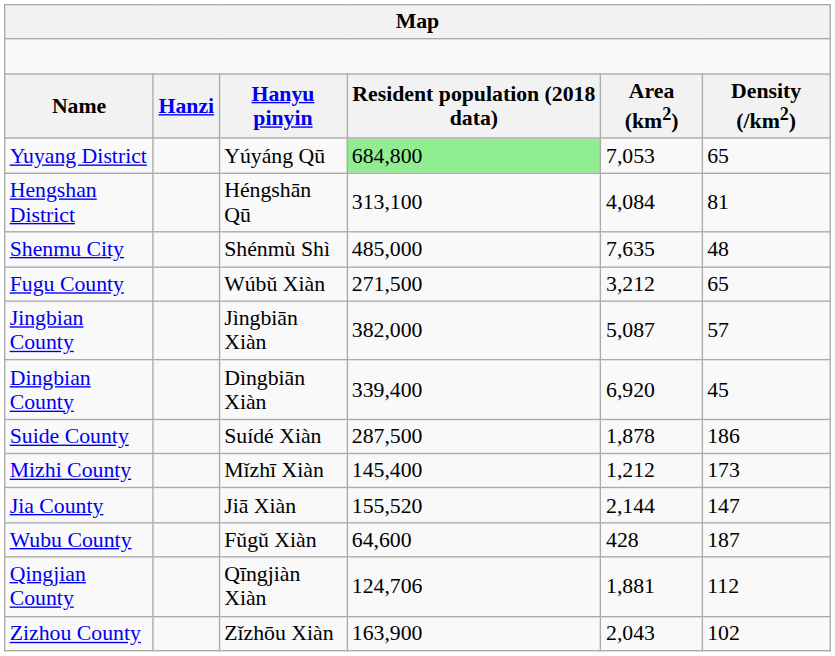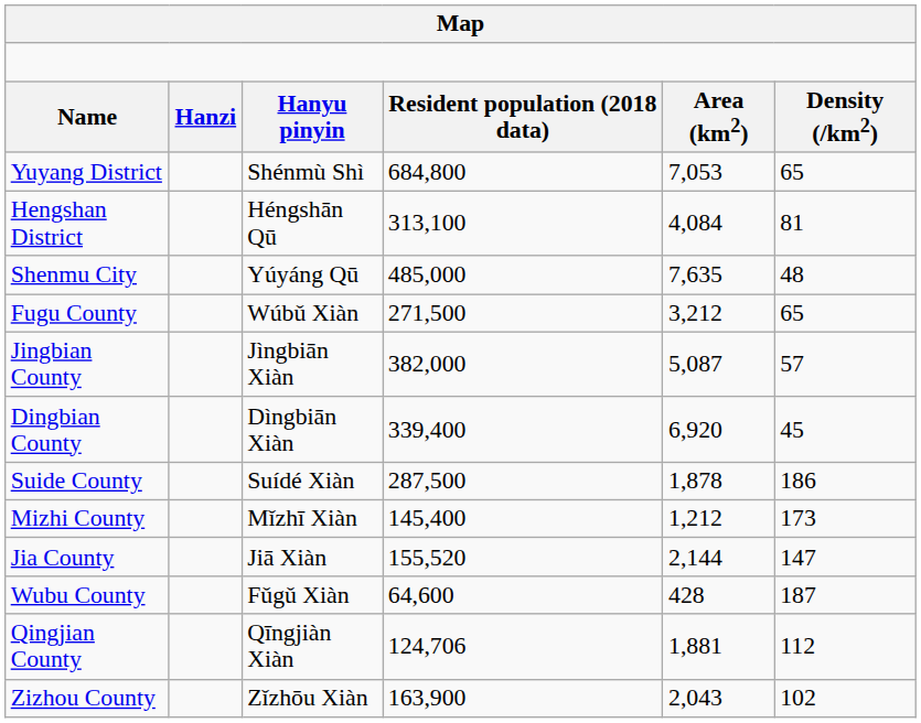 <table class="wikitable"  style="font-size:100%;" align=center>
 <tr>
 <th colspan="6" align="center">Map</th>
 </tr>
 <tr>
 <td colspan="6" align="center"><div><br>                </div></td>
 </tr>
 <tr>
 <th>Name</th>
 <th><a href='#'>Hanzi</a></th>
 <th><a href='#'>Hanyu pinyin</a></th>
 <th>Resident population (2018 data)</th>
 <th>Area (km<sup>2</sup>)</th>
 <th>Density (/km<sup>2</sup>)</th>
 </tr>
 <tr>
 <td><a href='#'>Yuyang District</a></td>
 <td></td>
-<td>Yúyáng Qū</td>
-<td style="background: lightgreen;">684,800</td>
+<td>Shénmù Shì</td>
+<td>684,800</td>
 <td>7,053</td>
 <td>65</td>
 </tr>
 <tr>
 <td><a href='#'>Hengshan District</a></td>
 <td></td>
 <td>Héngshān Qū</td>
 <td>313,100</td>
 <td>4,084</td>
 <td>81</td>
 </tr>
 <tr>
 <td><a href='#'>Shenmu City</a></td>
 <td></td>
-<td>Shénmù Shì</td>
+<td>Yúyáng Qū</td>
 <td>485,000</td>
 <td>7,635</td>
 <td>48</td>
 </tr>
 <tr>
 <td><a href='#'>Fugu County</a></td>
 <td></td>
 <td>Wúbǔ Xiàn</td>
 <td>271,500</td>
 <td>3,212</td>
 <td>65</td>
 </tr>
 <tr>
 <td><a href='#'>Jingbian County</a></td>
 <td></td>
 <td>Jìngbiān Xiàn</td>
 <td>382,000</td>
 <td>5,087</td>
 <td>57</td>
 </tr>
 <tr>
 <td><a href='#'>Dingbian County</a></td>
 <td></td>
 <td>Dìngbiān Xiàn</td>
 <td>339,400</td>
 <td>6,920</td>
 <td>45</td>
 </tr>
 <tr>
 <td><a href='#'>Suide County</a></td>
 <td></td>
 <td>Suídé Xiàn</td>
 <td>287,500</td>
 <td>1,878</td>
 <td>186</td>
 </tr>
 <tr>
 <td><a href='#'>Mizhi County</a></td>
 <td></td>
 <td>Mǐzhī Xiàn</td>
 <td>145,400</td>
 <td>1,212</td>
 <td>173</td>
 </tr>
 <tr>
 <td><a href='#'>Jia County</a></td>
 <td></td>
 <td>Jiā Xiàn</td>
 <td>155,520</td>
 <td>2,144</td>
 <td>147</td>
 </tr>
 <tr>
 <td><a href='#'>Wubu County</a></td>
 <td></td>
 <td>Fǔgǔ Xiàn</td>
 <td>64,600</td>
 <td>428</td>
 <td>187</td>
 </tr>
 <tr>
 <td><a href='#'>Qingjian County</a></td>
 <td></td>
 <td>Qīngjiàn Xiàn</td>
 <td>124,706</td>
 <td>1,881</td>
 <td>112</td>
 </tr>
 <tr>
 <td><a href='#'>Zizhou County</a></td>
 <td></td>
 <td>Zǐzhōu Xiàn</td>
 <td>163,900</td>
 <td>2,043</td>
 <td>102</td>
 </tr>
 </table>
